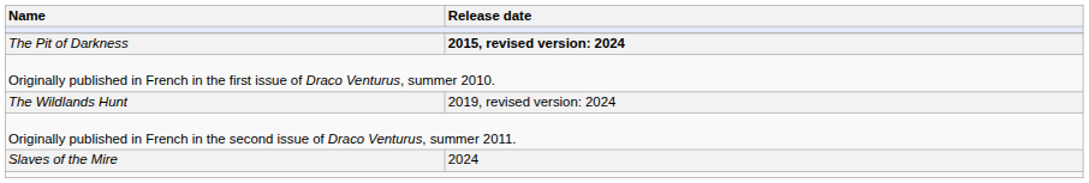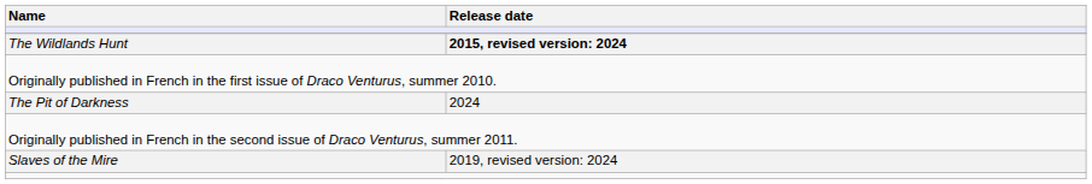 <table class="wikitable" width="100%">
 <tr>
 <th style="text-align:left;">Name</th>
 <th style="text-align:left;">Release date</th>
 </tr>
 <tr>
 <td colspan="2" bgcolor="#e6e9ff"></td>
 </tr>
 <tr>
 </tr>
 <tr bgcolor="#F2F2F2" align="left">
-<td><em>The Pit of Darkness</em></td>
+<td><em>The Wildlands Hunt</em></td>
 <td><strong>2015, revised version: 2024</strong></td>
 </tr>
 <tr>
 <td colspan="2" style="border: none; vertical-align: top;"><br>Originally published in French in the first issue of <em>Draco Venturus</em>, summer 2010.</td>
 </tr>
 <tr bgcolor="#F2F2F2" align="left">
-<td><em>The Wildlands Hunt</em></td>
-<td>2019, revised version: 2024</td>
+<td><em>The Pit of Darkness</em></td>
+<td>2024</td>
 </tr>
 <tr>
 <td colspan="2" style="border: none; vertical-align: top;"><br>Originally published in French in the second issue of <em>Draco Venturus</em>, summer 2011.</td>
 </tr>
 <tr bgcolor="#F2F2F2" align="left">
 <td><em>Slaves of the Mire</em></td>
-<td>2024</td>
+<td>2019, revised version: 2024</td>
 </tr>
 <tr>
 <td colspan="2" style="border: none; vertical-align: top;"></td>
 </tr>
 </table>
